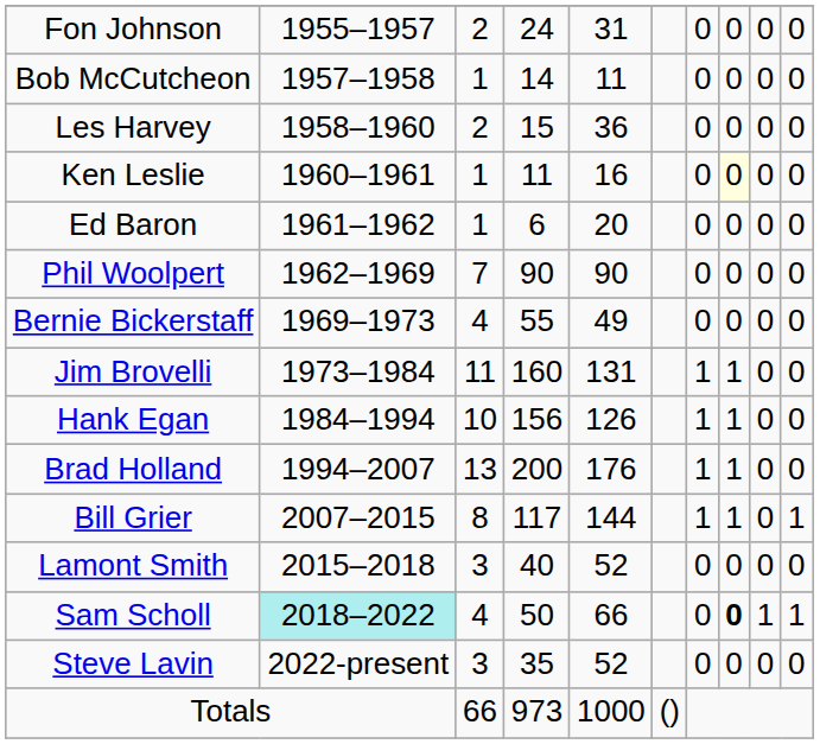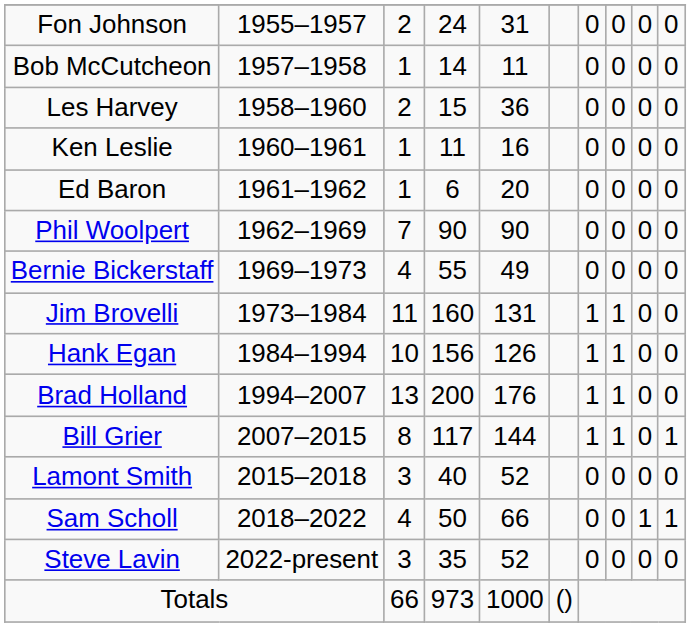 <table class="wikitable" style="text-align: center;">
 <tr align="center">
 </tr>
 <tr style="background:#CFB87C">
 </tr>
 <tr>
 <td>Fon Johnson</td>
 <td>1955–1957</td>
 <td align="center">2</td>
 <td align="center">24</td>
 <td align="center">31</td>
 <td></td>
 <td align="center">0</td>
 <td align="center">0</td>
 <td align="center">0</td>
 <td align="center">0</td>
 </tr>
 <tr>
 <td>Bob McCutcheon</td>
 <td>1957–1958</td>
 <td align="center">1</td>
 <td align="center">14</td>
 <td align="center">11</td>
 <td></td>
 <td align="center">0</td>
 <td align="center">0</td>
 <td align="center">0</td>
 <td align="center">0</td>
 </tr>
 <tr>
 <td>Les Harvey</td>
 <td>1958–1960</td>
 <td align="center">2</td>
 <td align="center">15</td>
 <td align="center">36</td>
 <td></td>
 <td align="center">0</td>
 <td align="center">0</td>
 <td align="center">0</td>
 <td align="center">0</td>
 </tr>
 <tr>
 <td>Ken Leslie</td>
 <td>1960–1961</td>
 <td align="center">1</td>
 <td align="center">11</td>
 <td align="center">16</td>
 <td></td>
 <td align="center">0</td>
-<td align="center" style="background: lightyellow;">0</td>
+<td align="center">0</td>
 <td align="center">0</td>
 <td align="center">0</td>
 </tr>
 <tr>
 <td>Ed Baron</td>
 <td>1961–1962</td>
 <td align="center">1</td>
 <td align="center">6</td>
 <td align="center">20</td>
 <td></td>
 <td align="center">0</td>
 <td align="center">0</td>
 <td align="center">0</td>
 <td align="center">0</td>
 </tr>
 <tr>
 <td><a href='#'>Phil Woolpert</a></td>
 <td>1962–1969</td>
 <td align="center">7</td>
 <td align="center">90</td>
 <td align="center">90</td>
 <td></td>
 <td align="center">0</td>
 <td align="center">0</td>
 <td align="center">0</td>
 <td align="center">0</td>
 </tr>
 <tr>
 <td><a href='#'>Bernie Bickerstaff</a></td>
 <td>1969–1973</td>
 <td align="center">4</td>
 <td align="center">55</td>
 <td align="center">49</td>
 <td></td>
 <td align="center">0</td>
 <td align="center">0</td>
 <td align="center">0</td>
 <td align="center">0</td>
 </tr>
 <tr>
 <td><a href='#'>Jim Brovelli</a></td>
 <td>1973–1984</td>
 <td align="center">11</td>
 <td align="center">160</td>
 <td align="center">131</td>
 <td></td>
 <td align="center">1</td>
 <td align="center">1</td>
 <td align="center">0</td>
 <td align="center">0</td>
 </tr>
 <tr>
 <td><a href='#'>Hank Egan</a></td>
 <td>1984–1994</td>
 <td align="center">10</td>
 <td align="center">156</td>
 <td align="center">126</td>
 <td></td>
 <td align="center">1</td>
 <td align="center">1</td>
 <td align="center">0</td>
 <td align="center">0</td>
 </tr>
 <tr>
 <td><a href='#'>Brad Holland</a></td>
 <td>1994–2007</td>
 <td align="center">13</td>
 <td align="center">200</td>
 <td align="center">176</td>
 <td></td>
 <td align="center">1</td>
 <td align="center">1</td>
 <td align="center">0</td>
 <td align="center">0</td>
 </tr>
 <tr>
 <td><a href='#'>Bill Grier</a></td>
 <td>2007–2015</td>
 <td align="center">8</td>
 <td align="center">117</td>
 <td align="center">144</td>
 <td align="center"></td>
 <td align="center">1</td>
 <td align="center">1</td>
 <td align="center">0</td>
 <td align="center">1</td>
 </tr>
 <tr>
 <td><a href='#'>Lamont Smith</a></td>
 <td>2015–2018</td>
 <td align="center">3</td>
 <td align="center">40</td>
 <td align="center">52</td>
 <td align="center"></td>
 <td align="center">0</td>
 <td align="center">0</td>
 <td align="center">0</td>
 <td align="center">0</td>
 </tr>
 <tr>
 <td><a href='#'>Sam Scholl</a></td>
-<td style="background: paleturquoise;">2018–2022</td>
+<td>2018–2022</td>
 <td align="center">4</td>
 <td align="center">50</td>
 <td align="center">66</td>
 <td align="center"></td>
 <td align="center">0</td>
-<td align="center"><strong>0</strong></td>
+<td align="center">0</td>
 <td align="center">1</td>
 <td align="center">1</td>
 </tr>
 <tr>
 <td><a href='#'>Steve Lavin</a></td>
 <td>2022-present</td>
 <td align="center">3</td>
 <td align="center">35</td>
 <td align="center">52</td>
 <td align="center"></td>
 <td align="center">0</td>
 <td align="center">0</td>
 <td align="center">0</td>
 <td align="center">0</td>
 </tr>
 <tr>
 <td colspan="2">Totals</td>
 <td align="center">66</td>
 <td align="center">973</td>
 <td align="center">1000</td>
 <td>()</td>
 <td colspan="4"></td>
 </tr>
 </table>
